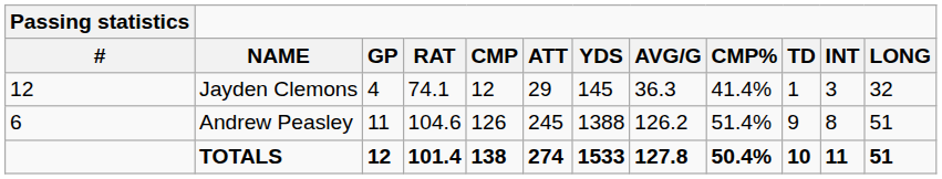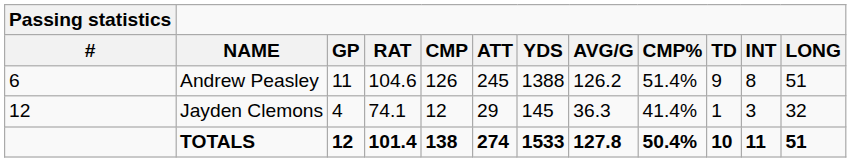 <table class="wikitable collapsible">
 <tr>
 <th style="text-align:center; ">Passing statistics</th>
 </tr>
 <tr>
 <th>#</th>
 <th>NAME</th>
 <th>GP</th>
 <th>RAT</th>
 <th>CMP</th>
 <th>ATT</th>
 <th>YDS</th>
 <th>AVG/G</th>
 <th>CMP%</th>
 <th>TD</th>
 <th>INT</th>
 <th>LONG</th>
 </tr>
 <tr>
+<td>6</td>
+<td>Andrew Peasley</td>
+<td>11</td>
+<td>104.6</td>
+<td>126</td>
+<td>245</td>
+<td>1388</td>
+<td>126.2</td>
+<td>51.4%</td>
+<td>9</td>
+<td>8</td>
+<td>51</td>
+</tr>
+<tr>
 <td>12</td>
 <td>Jayden Clemons</td>
 <td>4</td>
 <td>74.1</td>
 <td>12</td>
 <td>29</td>
 <td>145</td>
 <td>36.3</td>
 <td>41.4%</td>
 <td>1</td>
 <td>3</td>
 <td>32</td>
-</tr>
-<tr>
-<td>6</td>
-<td>Andrew Peasley</td>
-<td>11</td>
-<td>104.6</td>
-<td>126</td>
-<td>245</td>
-<td>1388</td>
-<td>126.2</td>
-<td>51.4%</td>
-<td>9</td>
-<td>8</td>
-<td>51</td>
 </tr>
 <tr>
 <td></td>
 <td><strong>TOTALS</strong></td>
 <td><strong>12</strong></td>
 <td><strong>101.4</strong></td>
 <td><strong>138</strong></td>
 <td><strong>274</strong></td>
 <td><strong>1533</strong></td>
 <td><strong>127.8</strong></td>
 <td><strong>50.4%</strong></td>
 <td><strong>10</strong></td>
 <td><strong>11</strong></td>
 <td><strong>51</strong></td>
 </tr>
 </table>
